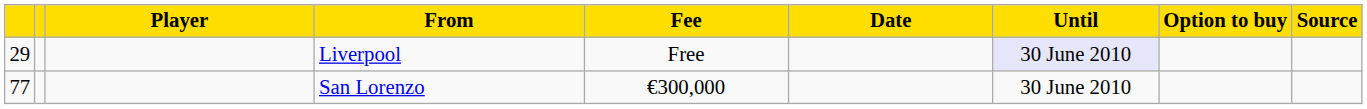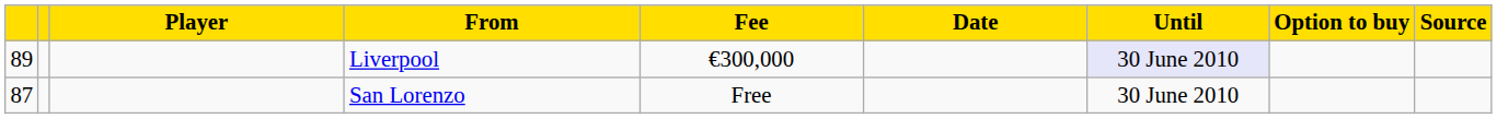 <table class="wikitable sortable">
 <tr>
 <th style="background:#FFDE00"></th>
 <th style="background:#FFDE00"></th>
 <th width=200 style="background:#FFDE00">Player</th>
 <th width=200 style="background:#FFDE00">From</th>
 <th width=150 style="background:#FFDE00">Fee</th>
 <th width=150 style="background:#FFDE00">Date</th>
 <th width=120 style="background:#FFDE00">Until</th>
 <th style="background:#FFDE00">Option to buy</th>
 <th style="background:#FFDE00">Source</th>
 </tr>
 <tr>
-<td align=center>29</td>
+<td align=center>89</td>
 <td align=center></td>
 <td></td>
 <td> <a href='#'>Liverpool</a></td>
-<td align=center>Free</td>
+<td align=center>€300,000</td>
 <td align=center></td>
 <td align=center style="background: lavender;">30 June 2010</td>
 <td align=center></td>
 <td align=center></td>
 </tr>
 <tr>
-<td align=center>77</td>
+<td align=center>87</td>
 <td align=center></td>
 <td></td>
 <td> <a href='#'>San Lorenzo</a></td>
-<td align=center>€300,000</td>
+<td align=center>Free</td>
 <td align=center></td>
 <td align=center>30 June 2010</td>
 <td align=center></td>
 <td align=center></td>
 </tr>
 </table>
